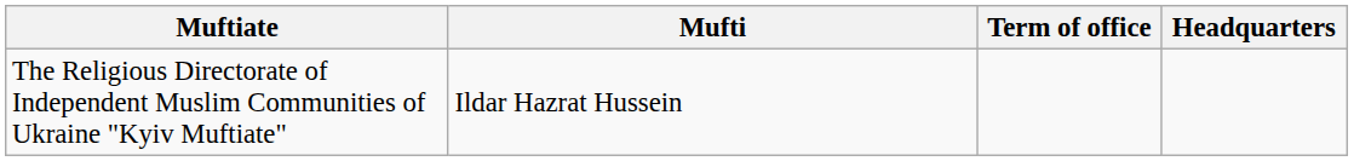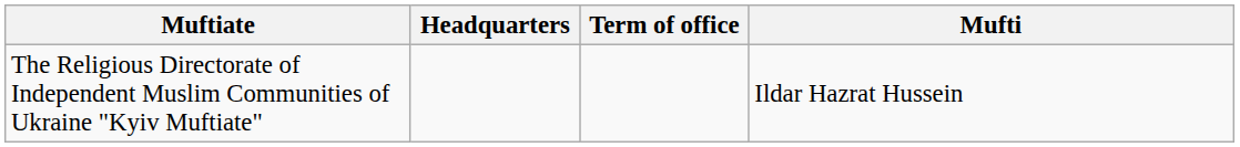 <table class=wikitable>
 <tr>
 <th scope="row" width="250">Muftiate</th>
+<th scope="row" width="100">Headquarters</th>
+<th scope="row" width="100">Term of office</th>
 <th scope="row" width="300">Mufti</th>
-<th scope="row" width="100">Term of office</th>
-<th scope="row" width="100">Headquarters</th>
 </tr>
 <tr>
 <td>The Religious Directorate of Independent Muslim Communities of Ukraine "Kyiv Muftiate"</td>
-<td>Ildar Hazrat Hussein</td>
 <td></td>
 <td></td>
+<td>Ildar Hazrat Hussein</td>
 </tr>
 </table>
